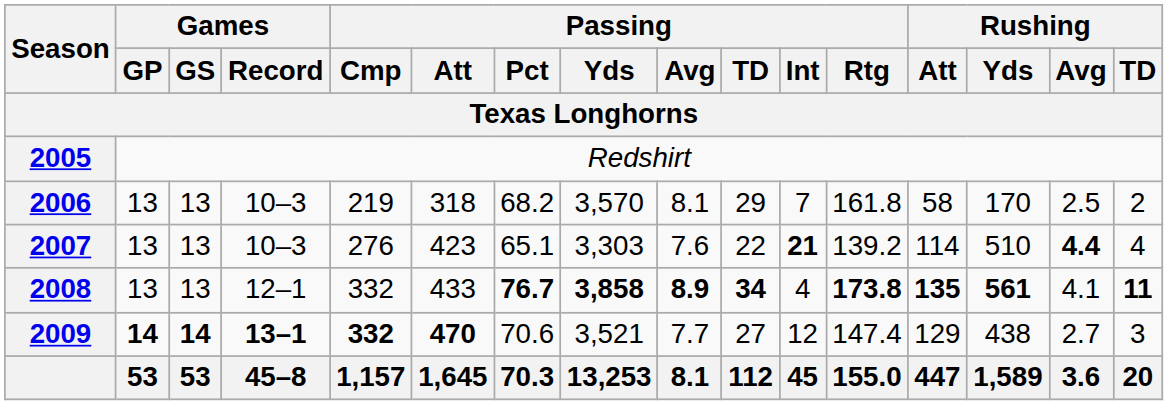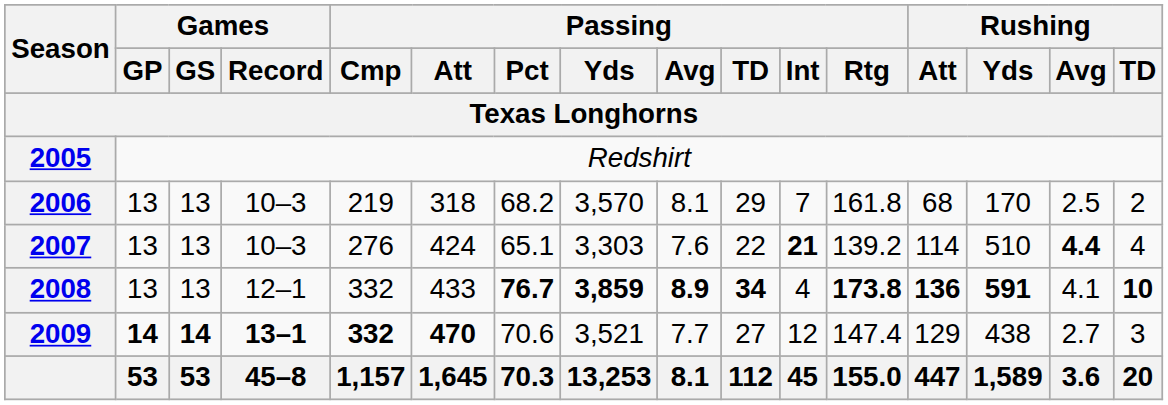 <table class="wikitable" style="text-align:center;">
 <tr>
 <th rowspan="2">Season</th>
 <th colspan="3">Games</th>
 <th colspan="8">Passing</th>
 <th colspan="5">Rushing</th>
 </tr>
 <tr>
 <th>GP</th>
 <th>GS</th>
 <th>Record</th>
 <th>Cmp</th>
 <th>Att</th>
 <th>Pct</th>
 <th>Yds</th>
 <th>Avg</th>
 <th>TD</th>
 <th>Int</th>
 <th>Rtg</th>
 <th>Att</th>
 <th>Yds</th>
 <th>Avg</th>
 <th>TD</th>
 </tr>
 <tr>
 <th colspan="16">Texas Longhorns</th>
 </tr>
 <tr>
 <th><a href='#'>2005</a></th>
 <td colspan="15"><em>Redshirt </em></td>
 </tr>
 <tr>
 <th><a href='#'>2006</a></th>
 <td>13</td>
 <td>13</td>
 <td>10–3</td>
 <td>219</td>
 <td>318</td>
 <td>68.2</td>
 <td>3,570</td>
 <td>8.1</td>
 <td>29</td>
 <td>7</td>
 <td>161.8</td>
-<td>58</td>
+<td>68</td>
 <td>170</td>
 <td>2.5</td>
 <td>2</td>
 </tr>
 <tr>
 <th><a href='#'>2007</a></th>
 <td>13</td>
 <td>13</td>
 <td>10–3</td>
 <td>276</td>
-<td>423</td>
+<td>424</td>
 <td>65.1</td>
 <td>3,303</td>
 <td>7.6</td>
 <td>22</td>
 <td><strong>21</strong></td>
 <td>139.2</td>
 <td>114</td>
 <td>510</td>
 <td><strong>4.4</strong></td>
 <td>4</td>
 </tr>
 <tr>
 <th><a href='#'>2008</a></th>
 <td>13</td>
 <td>13</td>
 <td>12–1</td>
 <td>332</td>
 <td>433</td>
 <td><strong>76.7</strong></td>
-<td><strong>3,858</strong></td>
+<td><strong>3,859</strong></td>
 <td><strong>8.9</strong></td>
 <td><strong>34</strong></td>
 <td>4</td>
 <td><strong>173.8</strong></td>
-<td><strong>135</strong></td>
-<td><strong>561</strong></td>
+<td><strong>136</strong></td>
+<td><strong>591</strong></td>
 <td>4.1</td>
-<td><strong>11</strong></td>
+<td><strong>10</strong></td>
 </tr>
 <tr>
 <th><a href='#'>2009</a></th>
 <td><strong>14</strong></td>
 <td><strong>14</strong></td>
 <td><strong>13–1</strong></td>
 <td><strong>332</strong></td>
 <td><strong>470</strong></td>
 <td>70.6</td>
 <td>3,521</td>
 <td>7.7</td>
 <td>27</td>
 <td>12</td>
 <td>147.4</td>
 <td>129</td>
 <td>438</td>
 <td>2.7</td>
 <td>3</td>
 </tr>
 <tr>
 <th></th>
 <th>53</th>
 <th>53</th>
 <th>45–8</th>
 <th>1,157</th>
 <th>1,645</th>
 <th>70.3</th>
 <th>13,253</th>
 <th>8.1</th>
 <th>112</th>
 <th>45</th>
 <th>155.0</th>
 <th>447</th>
 <th>1,589</th>
 <th>3.6</th>
 <th>20</th>
 </tr>
 </table>
